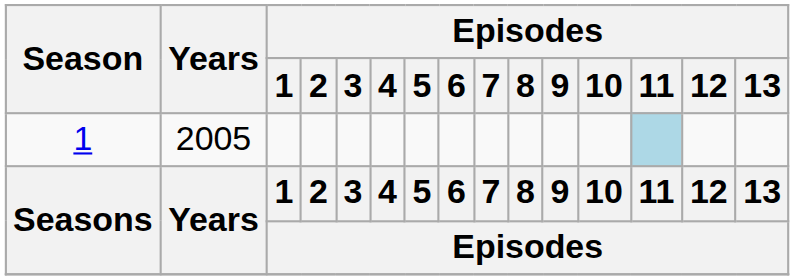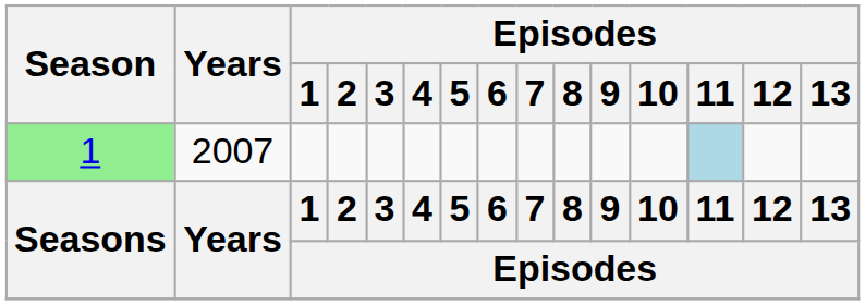 <table class="wikitable" style="text-align:center; margin:auto;">
 <tr>
 <th colspan="1" rowspan="2" style="text-align:center;">Season</th>
 <th colspan="1" rowspan="2" style="text-align:center;">Years</th>
 <th colspan="13" style="text-align:center;">Episodes</th>
 </tr>
 <tr>
 <th colspan="1" style="text-align:center;">1</th>
 <th colspan="1" style="text-align:center;">2</th>
 <th colspan="1" style="text-align:center;">3</th>
 <th colspan="1" style="text-align:center;">4</th>
 <th colspan="1" style="text-align:center;">5</th>
 <th colspan="1" style="text-align:center;">6</th>
 <th colspan="1" style="text-align:center;">7</th>
 <th colspan="1" style="text-align:center;">8</th>
 <th colspan="1" style="text-align:center;">9</th>
 <th colspan="1" style="text-align:center;">10</th>
 <th colspan="1" style="text-align:center;">11</th>
 <th colspan="1" style="text-align:center;">12</th>
 <th colspan="1" style="text-align:center;">13</th>
 </tr>
 <tr>
-<td><a href='#'>1</a></td>
-<td>2005</td>
+<td style="background: lightgreen;"><a href='#'>1</a></td>
+<td>2007</td>
 <td></td>
 <td></td>
 <td></td>
 <td></td>
 <td></td>
 <td></td>
 <td></td>
 <td></td>
 <td></td>
 <td></td>
 <td colspan="1" style="background:lightblue; text-align:center;"></td>
 <td></td>
 <td></td>
 </tr>
 <tr>
 <th rowspan="2" colspan="1" style="text-align:center;">Seasons</th>
 <th colspan="1" rowspan="2" style="text-align:center;">Years</th>
 <th colspan="1" style="text-align:center;">1</th>
 <th colspan="1" style="text-align:center;">2</th>
 <th colspan="1" style="text-align:center;">3</th>
 <th colspan="1" style="text-align:center;">4</th>
 <th colspan="1" style="text-align:center;">5</th>
 <th colspan="1" style="text-align:center;">6</th>
 <th colspan="1" style="text-align:center;">7</th>
 <th colspan="1" style="text-align:center;">8</th>
 <th colspan="1" style="text-align:center;">9</th>
 <th colspan="1" style="text-align:center;">10</th>
 <th colspan="1" style="text-align:center;">11</th>
 <th colspan="1" style="text-align:center;">12</th>
 <th colspan="1" style="text-align:center;">13</th>
 </tr>
 <tr>
 <th colspan="13"  style="text-align:center;">Episodes</th>
 </tr>
 <tr>
 </tr>
 </table>
